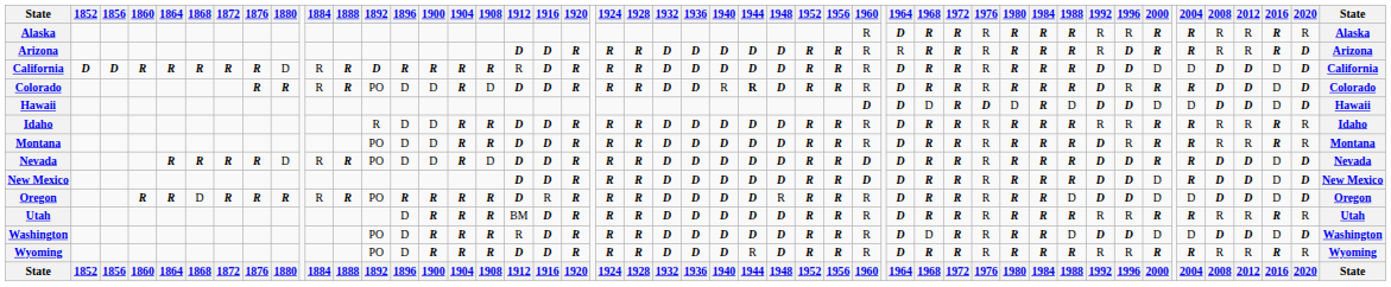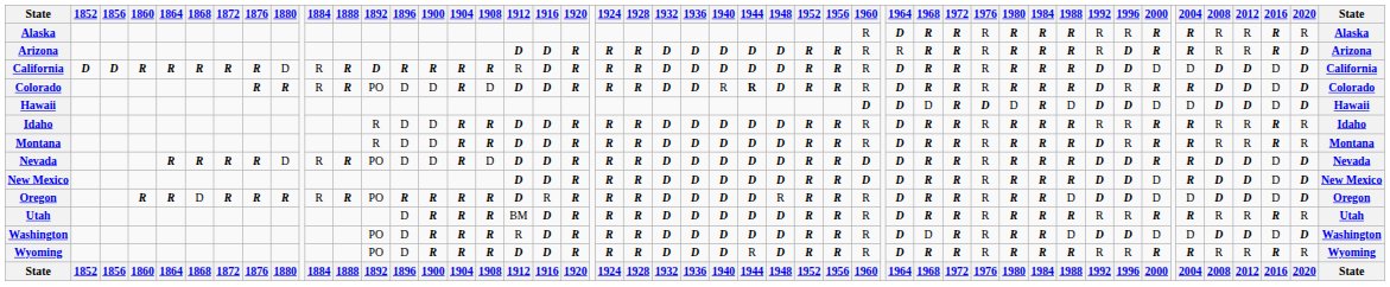 <table class=wikitable style="text-align:center">
 <tr>
 <th>State</th>
 <th><a href='#'>1852</a></th>
 <th><a href='#'>1856</a></th>
 <th><a href='#'>1860</a></th>
 <th><a href='#'>1864</a></th>
 <th><a href='#'>1868</a></th>
 <th><a href='#'>1872</a></th>
 <th><a href='#'>1876</a></th>
 <th><a href='#'>1880</a></th>
 <td rowspan=99></td>
 <th><a href='#'>1884</a></th>
 <th><a href='#'>1888</a></th>
 <th><a href='#'>1892</a></th>
 <th><a href='#'>1896</a></th>
 <th><a href='#'>1900</a></th>
 <th><a href='#'>1904</a></th>
 <th><a href='#'>1908</a></th>
 <th><a href='#'>1912</a></th>
 <th><a href='#'>1916</a></th>
 <th><a href='#'>1920</a></th>
 <td rowspan=99></td>
 <th><a href='#'>1924</a></th>
 <th><a href='#'>1928</a></th>
 <th><a href='#'>1932</a></th>
 <th><a href='#'>1936</a></th>
 <th><a href='#'>1940</a></th>
 <th><a href='#'>1944</a></th>
 <th><a href='#'>1948</a></th>
 <th><a href='#'>1952</a></th>
 <th><a href='#'>1956</a></th>
 <th><a href='#'>1960</a></th>
 <td rowspan=99></td>
 <th><a href='#'>1964</a></th>
 <th><a href='#'>1968</a></th>
 <th><a href='#'>1972</a></th>
 <th><a href='#'>1976</a></th>
 <th><a href='#'>1980</a></th>
 <th><a href='#'>1984</a></th>
 <th><a href='#'>1988</a></th>
 <th><a href='#'>1992</a></th>
 <th><a href='#'>1996</a></th>
 <th><a href='#'>2000</a></th>
 <td rowspan=99></td>
 <th><a href='#'>2004</a></th>
 <th><a href='#'>2008</a></th>
 <th><a href='#'>2012</a></th>
 <th><a href='#'>2016</a></th>
 <th><a href='#'>2020</a></th>
 <th>State</th>
 </tr>
 <tr>
 <th nowrap><a href='#'>Alaska</a></th>
 <td> </td>
 <td> </td>
 <td> </td>
 <td> </td>
 <td> </td>
 <td> </td>
 <td> </td>
 <td> </td>
 <td> </td>
 <td> </td>
 <td> </td>
 <td> </td>
 <td> </td>
 <td> </td>
 <td> </td>
 <td> </td>
 <td> </td>
 <td> </td>
 <td> </td>
 <td> </td>
 <td> </td>
 <td> </td>
 <td> </td>
 <td> </td>
 <td> </td>
 <td> </td>
 <td> </td>
 <td>R</td>
 <td><strong><em>D</em></strong></td>
 <td><strong><em>R</em></strong></td>
 <td><strong><em>R</em></strong></td>
 <td>R</td>
 <td><strong><em>R</em></strong></td>
 <td><strong><em>R</em></strong></td>
 <td><strong><em>R</em></strong></td>
 <td>R</td>
 <td>R</td>
 <td><strong><em>R</em></strong></td>
 <td><strong><em>R</em></strong></td>
 <td>R</td>
 <td>R</td>
 <td><strong><em>R</em></strong></td>
 <td>R</td>
 <th nowrap><a href='#'>Alaska</a></th>
 </tr>
 <tr>
 <th nowrap><a href='#'>Arizona</a></th>
 <td> </td>
 <td> </td>
 <td> </td>
 <td> </td>
 <td> </td>
 <td> </td>
 <td> </td>
 <td> </td>
 <td> </td>
 <td> </td>
 <td> </td>
 <td> </td>
 <td> </td>
 <td> </td>
 <td> </td>
 <td><strong><em>D</em></strong></td>
 <td><strong><em>D</em></strong></td>
 <td><strong><em>R</em></strong></td>
 <td><strong><em>R</em></strong></td>
 <td><strong><em>R</em></strong></td>
 <td><strong><em>D</em></strong></td>
 <td><strong><em>D</em></strong></td>
 <td><strong><em>D</em></strong></td>
 <td><strong><em>D</em></strong></td>
 <td><strong><em>D</em></strong></td>
 <td><strong><em>R</em></strong></td>
 <td><strong><em>R</em></strong></td>
 <td>R</td>
 <td>R</td>
 <td><strong><em>R</em></strong></td>
 <td><strong><em>R</em></strong></td>
 <td>R</td>
 <td><strong><em>R</em></strong></td>
 <td><strong><em>R</em></strong></td>
 <td><strong><em>R</em></strong></td>
 <td>R</td>
 <td><strong><em>D</em></strong></td>
 <td><strong><em>R</em></strong></td>
 <td><strong><em>R</em></strong></td>
 <td>R</td>
 <td>R</td>
 <td><strong><em>R</em></strong></td>
 <td><strong><em>D</em></strong></td>
 <th nowrap><a href='#'>Arizona</a></th>
 </tr>
 <tr>
 <th nowrap><a href='#'>California</a></th>
 <td><strong><em>D</em></strong></td>
 <td><strong><em>D</em></strong></td>
 <td><strong><em>R</em></strong></td>
 <td><strong><em>R</em></strong></td>
 <td><strong><em>R</em></strong></td>
 <td><strong><em>R</em></strong></td>
 <td><strong><em>R</em></strong></td>
 <td>D</td>
 <td>R</td>
 <td><strong><em>R</em></strong></td>
 <td><strong><em>D</em></strong></td>
 <td><strong><em>R</em></strong></td>
 <td><strong><em>R</em></strong></td>
 <td><strong><em>R</em></strong></td>
 <td><strong><em>R</em></strong></td>
 <td>R</td>
 <td><strong><em>D</em></strong></td>
 <td><strong><em>R</em></strong></td>
 <td><strong><em>R</em></strong></td>
 <td><strong><em>R</em></strong></td>
 <td><strong><em>D</em></strong></td>
 <td><strong><em>D</em></strong></td>
 <td><strong><em>D</em></strong></td>
 <td><strong><em>D</em></strong></td>
 <td><strong><em>D</em></strong></td>
 <td><strong><em>R</em></strong></td>
 <td><strong><em>R</em></strong></td>
 <td>R</td>
 <td><strong><em>D</em></strong></td>
 <td><strong><em>R</em></strong></td>
 <td><strong><em>R</em></strong></td>
 <td>R</td>
 <td><strong><em>R</em></strong></td>
 <td><strong><em>R</em></strong></td>
 <td><strong><em>R</em></strong></td>
 <td><strong><em>D</em></strong></td>
 <td><strong><em>D</em></strong></td>
 <td>D</td>
 <td>D</td>
 <td><strong><em>D</em></strong></td>
 <td><strong><em>D</em></strong></td>
 <td>D</td>
 <td><strong><em>D</em></strong></td>
 <th nowrap><a href='#'>California</a></th>
 </tr>
 <tr>
 <th nowrap><a href='#'>Colorado</a></th>
 <td> </td>
 <td> </td>
 <td> </td>
 <td> </td>
 <td> </td>
 <td> </td>
 <td><strong><em>R</em></strong></td>
 <td><strong><em>R</em></strong></td>
 <td>R</td>
 <td><strong><em>R</em></strong></td>
 <td>PO</td>
 <td>D</td>
 <td>D</td>
 <td><strong><em>R</em></strong></td>
 <td>D</td>
 <td><strong><em>D</em></strong></td>
 <td><strong><em>D</em></strong></td>
 <td><strong><em>R</em></strong></td>
 <td><strong><em>R</em></strong></td>
 <td><strong><em>R</em></strong></td>
 <td><strong><em>D</em></strong></td>
 <td><strong><em>D</em></strong></td>
 <td>R</td>
 <td><strong>R</strong></td>
 <td><strong><em>D</em></strong></td>
 <td><strong><em>R</em></strong></td>
 <td><strong><em>R</em></strong></td>
 <td>R</td>
 <td><strong><em>D</em></strong></td>
 <td><strong><em>R</em></strong></td>
 <td><strong><em>R</em></strong></td>
 <td>R</td>
 <td><strong><em>R</em></strong></td>
 <td><strong><em>R</em></strong></td>
 <td><strong><em>R</em></strong></td>
 <td><strong><em>D</em></strong></td>
 <td>R</td>
 <td><strong><em>R</em></strong></td>
 <td><strong><em>R</em></strong></td>
 <td><strong><em>D</em></strong></td>
 <td><strong><em>D</em></strong></td>
 <td>D</td>
 <td><strong><em>D</em></strong></td>
 <th nowrap><a href='#'>Colorado</a></th>
 </tr>
 <tr>
 <th nowrap><a href='#'>Hawaii</a></th>
 <td> </td>
 <td> </td>
 <td> </td>
 <td> </td>
 <td> </td>
 <td> </td>
 <td> </td>
 <td> </td>
 <td> </td>
 <td> </td>
 <td> </td>
 <td> </td>
 <td> </td>
 <td> </td>
 <td> </td>
 <td> </td>
 <td> </td>
 <td> </td>
 <td> </td>
 <td> </td>
 <td> </td>
 <td> </td>
 <td> </td>
 <td> </td>
 <td> </td>
 <td> </td>
 <td> </td>
 <td><strong><em>D</em></strong></td>
 <td><strong><em>D</em></strong></td>
 <td>D</td>
 <td><strong><em>R</em></strong></td>
 <td><strong><em>D</em></strong></td>
 <td>D</td>
 <td><strong><em>R</em></strong></td>
 <td>D</td>
 <td><strong><em>D</em></strong></td>
 <td><strong><em>D</em></strong></td>
 <td>D</td>
 <td>D</td>
 <td><strong><em>D</em></strong></td>
 <td><strong><em>D</em></strong></td>
 <td>D</td>
 <td><strong><em>D</em></strong></td>
 <th nowrap><a href='#'>Hawaii</a></th>
 </tr>
 <tr>
 <th nowrap><a href='#'>Idaho</a></th>
 <td> </td>
 <td> </td>
 <td> </td>
 <td> </td>
 <td> </td>
 <td> </td>
 <td> </td>
 <td> </td>
 <td> </td>
 <td> </td>
 <td>R</td>
 <td>D</td>
 <td>D</td>
 <td><strong><em>R</em></strong></td>
 <td><strong><em>R</em></strong></td>
 <td><strong><em>D</em></strong></td>
 <td><strong><em>D</em></strong></td>
 <td><strong><em>R</em></strong></td>
 <td><strong><em>R</em></strong></td>
 <td><strong><em>R</em></strong></td>
 <td><strong><em>D</em></strong></td>
 <td><strong><em>D</em></strong></td>
 <td><strong><em>D</em></strong></td>
 <td><strong><em>D</em></strong></td>
 <td><strong><em>D</em></strong></td>
 <td><strong><em>R</em></strong></td>
 <td><strong><em>R</em></strong></td>
 <td>R</td>
 <td><strong><em>D</em></strong></td>
 <td><strong><em>R</em></strong></td>
 <td><strong><em>R</em></strong></td>
 <td>R</td>
 <td><strong><em>R</em></strong></td>
 <td><strong><em>R</em></strong></td>
 <td><strong><em>R</em></strong></td>
 <td>R</td>
 <td>R</td>
 <td><strong><em>R</em></strong></td>
 <td><strong><em>R</em></strong></td>
 <td>R</td>
 <td>R</td>
 <td><strong><em>R</em></strong></td>
 <td>R</td>
 <th nowrap><a href='#'>Idaho</a></th>
 </tr>
 <tr>
 <th nowrap><a href='#'>Montana</a></th>
 <td> </td>
 <td> </td>
 <td> </td>
 <td> </td>
 <td> </td>
 <td> </td>
 <td> </td>
 <td> </td>
 <td> </td>
 <td> </td>
-<td>PO</td>
+<td>R</td>
 <td>D</td>
 <td>D</td>
 <td><strong><em>R</em></strong></td>
 <td><strong><em>R</em></strong></td>
 <td><strong><em>D</em></strong></td>
 <td><strong><em>D</em></strong></td>
 <td><strong><em>R</em></strong></td>
 <td><strong><em>R</em></strong></td>
 <td><strong><em>R</em></strong></td>
 <td><strong><em>D</em></strong></td>
 <td><strong><em>D</em></strong></td>
 <td><strong><em>D</em></strong></td>
 <td><strong><em>D</em></strong></td>
 <td><strong><em>D</em></strong></td>
 <td><strong><em>R</em></strong></td>
 <td><strong><em>R</em></strong></td>
 <td>R</td>
 <td><strong><em>D</em></strong></td>
 <td><strong><em>R</em></strong></td>
 <td><strong><em>R</em></strong></td>
 <td>R</td>
 <td><strong><em>R</em></strong></td>
 <td><strong><em>R</em></strong></td>
 <td><strong><em>R</em></strong></td>
 <td><strong><em>D</em></strong></td>
 <td>R</td>
 <td><strong><em>R</em></strong></td>
 <td><strong><em>R</em></strong></td>
 <td>R</td>
 <td>R</td>
 <td><strong><em>R</em></strong></td>
 <td>R</td>
 <th nowrap><a href='#'>Montana</a></th>
 </tr>
 <tr>
 <th nowrap><a href='#'>Nevada</a></th>
 <td> </td>
 <td> </td>
 <td> </td>
 <td><strong><em>R</em></strong></td>
 <td><strong><em>R</em></strong></td>
 <td><strong><em>R</em></strong></td>
 <td><strong><em>R</em></strong></td>
 <td>D</td>
 <td>R</td>
 <td><strong><em>R</em></strong></td>
 <td>PO</td>
 <td>D</td>
 <td>D</td>
 <td><strong><em>R</em></strong></td>
 <td>D</td>
 <td><strong><em>D</em></strong></td>
 <td><strong><em>D</em></strong></td>
 <td><strong><em>R</em></strong></td>
 <td><strong><em>R</em></strong></td>
 <td><strong><em>R</em></strong></td>
 <td><strong><em>D</em></strong></td>
 <td><strong><em>D</em></strong></td>
 <td><strong><em>D</em></strong></td>
 <td><strong><em>D</em></strong></td>
 <td><strong><em>D</em></strong></td>
 <td><strong><em>R</em></strong></td>
 <td><strong><em>R</em></strong></td>
 <td><strong><em>D</em></strong></td>
 <td><strong><em>D</em></strong></td>
 <td><strong><em>R</em></strong></td>
 <td><strong><em>R</em></strong></td>
 <td>R</td>
 <td><strong><em>R</em></strong></td>
 <td><strong><em>R</em></strong></td>
 <td><strong><em>R</em></strong></td>
 <td><strong><em>D</em></strong></td>
 <td><strong><em>D</em></strong></td>
 <td><strong><em>R</em></strong></td>
 <td><strong><em>R</em></strong></td>
 <td><strong><em>D</em></strong></td>
 <td><strong><em>D</em></strong></td>
 <td>D</td>
 <td><strong><em>D</em></strong></td>
 <th nowrap><a href='#'>Nevada</a></th>
 </tr>
 <tr>
 <th nowrap><a href='#'>New Mexico</a></th>
 <td> </td>
 <td> </td>
 <td> </td>
 <td> </td>
 <td> </td>
 <td> </td>
 <td> </td>
 <td> </td>
 <td> </td>
 <td> </td>
 <td> </td>
 <td> </td>
 <td> </td>
 <td> </td>
 <td> </td>
 <td><strong><em>D</em></strong></td>
 <td><strong><em>D</em></strong></td>
 <td><strong><em>R</em></strong></td>
 <td><strong><em>R</em></strong></td>
 <td><strong><em>R</em></strong></td>
 <td><strong><em>D</em></strong></td>
 <td><strong><em>D</em></strong></td>
 <td><strong><em>D</em></strong></td>
 <td><strong><em>D</em></strong></td>
 <td><strong><em>D</em></strong></td>
 <td><strong><em>R</em></strong></td>
 <td><strong><em>R</em></strong></td>
 <td><strong><em>D</em></strong></td>
 <td><strong><em>D</em></strong></td>
 <td><strong><em>R</em></strong></td>
 <td><strong><em>R</em></strong></td>
 <td>R</td>
 <td><strong><em>R</em></strong></td>
 <td><strong><em>R</em></strong></td>
 <td><strong><em>R</em></strong></td>
 <td><strong><em>D</em></strong></td>
 <td><strong><em>D</em></strong></td>
 <td>D</td>
 <td><strong><em>R</em></strong></td>
 <td><strong><em>D</em></strong></td>
 <td><strong><em>D</em></strong></td>
 <td>D</td>
 <td><strong><em>D</em></strong></td>
 <th nowrap><a href='#'>New Mexico</a></th>
 </tr>
 <tr>
 <th nowrap><a href='#'>Oregon</a></th>
 <td> </td>
 <td> </td>
 <td><strong><em>R</em></strong></td>
 <td><strong><em>R</em></strong></td>
 <td>D</td>
 <td><strong><em>R</em></strong></td>
 <td><strong><em>R</em></strong></td>
 <td><strong><em>R</em></strong></td>
 <td>R</td>
 <td><strong><em>R</em></strong></td>
 <td>PO</td>
 <td><strong><em>R</em></strong></td>
 <td><strong><em>R</em></strong></td>
 <td><strong><em>R</em></strong></td>
 <td><strong><em>R</em></strong></td>
 <td><strong><em>D</em></strong></td>
 <td>R</td>
 <td><strong><em>R</em></strong></td>
 <td><strong><em>R</em></strong></td>
 <td><strong><em>R</em></strong></td>
 <td><strong><em>D</em></strong></td>
 <td><strong><em>D</em></strong></td>
 <td><strong><em>D</em></strong></td>
 <td><strong><em>D</em></strong></td>
 <td>R</td>
 <td><strong><em>R</em></strong></td>
 <td><strong><em>R</em></strong></td>
 <td>R</td>
 <td><strong><em>D</em></strong></td>
 <td><strong><em>R</em></strong></td>
 <td><strong><em>R</em></strong></td>
 <td>R</td>
 <td><strong><em>R</em></strong></td>
 <td><strong><em>R</em></strong></td>
 <td>D</td>
 <td><strong><em>D</em></strong></td>
 <td><strong><em>D</em></strong></td>
 <td>D</td>
 <td>D</td>
 <td><strong><em>D</em></strong></td>
 <td><strong><em>D</em></strong></td>
 <td>D</td>
 <td><strong><em>D</em></strong></td>
 <th nowrap><a href='#'>Oregon</a></th>
 </tr>
 <tr>
 <th nowrap><a href='#'>Utah</a></th>
 <td> </td>
 <td> </td>
 <td> </td>
 <td> </td>
 <td> </td>
 <td> </td>
 <td> </td>
 <td> </td>
 <td> </td>
 <td> </td>
 <td> </td>
 <td>D</td>
 <td><strong><em>R</em></strong></td>
 <td><strong><em>R</em></strong></td>
 <td><strong><em>R</em></strong></td>
 <td>BM</td>
 <td><strong><em>D</em></strong></td>
 <td><strong><em>R</em></strong></td>
 <td><strong><em>R</em></strong></td>
 <td><strong><em>R</em></strong></td>
 <td><strong><em>D</em></strong></td>
 <td><strong><em>D</em></strong></td>
 <td><strong><em>D</em></strong></td>
 <td><strong><em>D</em></strong></td>
 <td><strong><em>D</em></strong></td>
 <td><strong><em>R</em></strong></td>
 <td><strong><em>R</em></strong></td>
 <td>R</td>
 <td><strong><em>D</em></strong></td>
 <td><strong><em>R</em></strong></td>
 <td><strong><em>R</em></strong></td>
 <td>R</td>
 <td><strong><em>R</em></strong></td>
 <td><strong><em>R</em></strong></td>
 <td><strong><em>R</em></strong></td>
 <td>R</td>
 <td>R</td>
 <td><strong><em>R</em></strong></td>
 <td><strong><em>R</em></strong></td>
 <td>R</td>
 <td>R</td>
 <td><strong><em>R</em></strong></td>
 <td>R</td>
 <th nowrap><a href='#'>Utah</a></th>
 </tr>
 <tr>
 <th nowrap><a href='#'>Washington</a></th>
 <td> </td>
 <td> </td>
 <td> </td>
 <td> </td>
 <td> </td>
 <td> </td>
 <td> </td>
 <td> </td>
 <td> </td>
 <td> </td>
 <td>PO</td>
 <td>D</td>
 <td><strong><em>R</em></strong></td>
 <td><strong><em>R</em></strong></td>
 <td><strong><em>R</em></strong></td>
 <td>R</td>
 <td><strong><em>D</em></strong></td>
 <td><strong><em>R</em></strong></td>
 <td><strong><em>R</em></strong></td>
 <td><strong><em>R</em></strong></td>
 <td><strong><em>D</em></strong></td>
 <td><strong><em>D</em></strong></td>
 <td><strong><em>D</em></strong></td>
 <td><strong><em>D</em></strong></td>
 <td><strong><em>D</em></strong></td>
 <td><strong><em>R</em></strong></td>
 <td><strong><em>R</em></strong></td>
 <td>R</td>
 <td><strong><em>D</em></strong></td>
 <td>D</td>
 <td><strong><em>R</em></strong></td>
 <td>R</td>
 <td><strong><em>R</em></strong></td>
 <td><strong><em>R</em></strong></td>
 <td>D</td>
 <td><strong><em>D</em></strong></td>
 <td><strong><em>D</em></strong></td>
 <td>D</td>
 <td>D</td>
 <td><strong><em>D</em></strong></td>
 <td><strong><em>D</em></strong></td>
 <td>D</td>
 <td><strong><em>D</em></strong></td>
 <th nowrap><a href='#'>Washington</a></th>
 </tr>
 <tr>
 <th nowrap><a href='#'>Wyoming</a></th>
 <td> </td>
 <td> </td>
 <td> </td>
 <td> </td>
 <td> </td>
 <td> </td>
 <td> </td>
 <td> </td>
 <td> </td>
 <td> </td>
 <td>PO</td>
 <td>D</td>
 <td><strong><em>R</em></strong></td>
 <td><strong><em>R</em></strong></td>
 <td><strong><em>R</em></strong></td>
 <td><strong><em>D</em></strong></td>
 <td><strong><em>D</em></strong></td>
 <td><strong><em>R</em></strong></td>
 <td><strong><em>R</em></strong></td>
 <td><strong><em>R</em></strong></td>
 <td><strong><em>D</em></strong></td>
 <td><strong><em>D</em></strong></td>
 <td><strong><em>D</em></strong></td>
 <td>R</td>
 <td><strong><em>D</em></strong></td>
 <td><strong><em>R</em></strong></td>
 <td><strong><em>R</em></strong></td>
 <td>R</td>
 <td><strong><em>D</em></strong></td>
 <td><strong><em>R</em></strong></td>
 <td><strong><em>R</em></strong></td>
 <td>R</td>
 <td><strong><em>R</em></strong></td>
 <td><strong><em>R</em></strong></td>
 <td><strong><em>R</em></strong></td>
 <td>R</td>
 <td>R</td>
 <td><strong><em>R</em></strong></td>
 <td><strong><em>R</em></strong></td>
 <td>R</td>
 <td>R</td>
 <td><strong><em>R</em></strong></td>
 <td>R</td>
 <th nowrap><a href='#'>Wyoming</a></th>
 </tr>
 <tr>
 <th>State</th>
 <th><a href='#'>1852</a></th>
 <th><a href='#'>1856</a></th>
 <th><a href='#'>1860</a></th>
 <th><a href='#'>1864</a></th>
 <th><a href='#'>1868</a></th>
 <th><a href='#'>1872</a></th>
 <th><a href='#'>1876</a></th>
 <th><a href='#'>1880</a></th>
 <th><a href='#'>1884</a></th>
 <th><a href='#'>1888</a></th>
 <th><a href='#'>1892</a></th>
 <th><a href='#'>1896</a></th>
 <th><a href='#'>1900</a></th>
 <th><a href='#'>1904</a></th>
 <th><a href='#'>1908</a></th>
 <th><a href='#'>1912</a></th>
 <th><a href='#'>1916</a></th>
 <th><a href='#'>1920</a></th>
 <th><a href='#'>1924</a></th>
 <th><a href='#'>1928</a></th>
 <th><a href='#'>1932</a></th>
 <th><a href='#'>1936</a></th>
 <th><a href='#'>1940</a></th>
 <th><a href='#'>1944</a></th>
 <th><a href='#'>1948</a></th>
 <th><a href='#'>1952</a></th>
 <th><a href='#'>1956</a></th>
 <th><a href='#'>1960</a></th>
 <th><a href='#'>1964</a></th>
 <th><a href='#'>1968</a></th>
 <th><a href='#'>1972</a></th>
 <th><a href='#'>1976</a></th>
 <th><a href='#'>1980</a></th>
 <th><a href='#'>1984</a></th>
 <th><a href='#'>1988</a></th>
 <th><a href='#'>1992</a></th>
 <th><a href='#'>1996</a></th>
 <th><a href='#'>2000</a></th>
 <th><a href='#'>2004</a></th>
 <th><a href='#'>2008</a></th>
 <th><a href='#'>2012</a></th>
 <th><a href='#'>2016</a></th>
 <th><a href='#'>2020</a></th>
 <th>State</th>
 </tr>
 </table>
